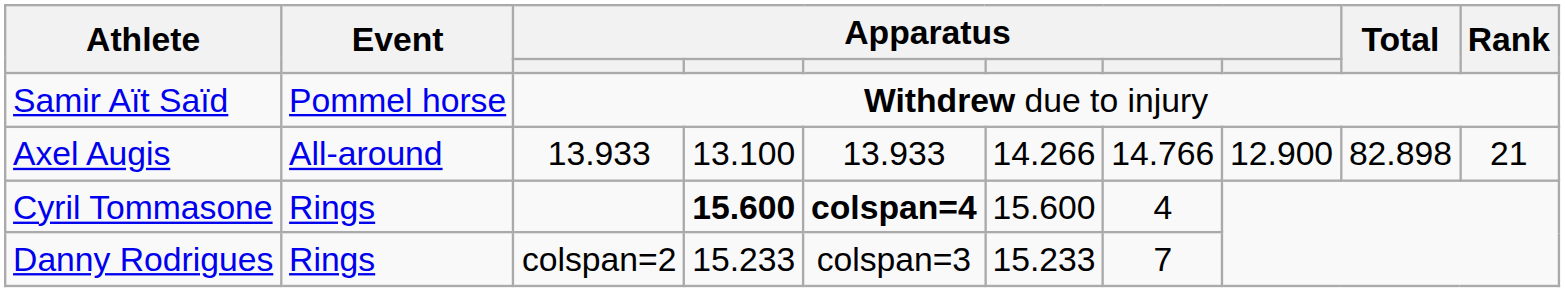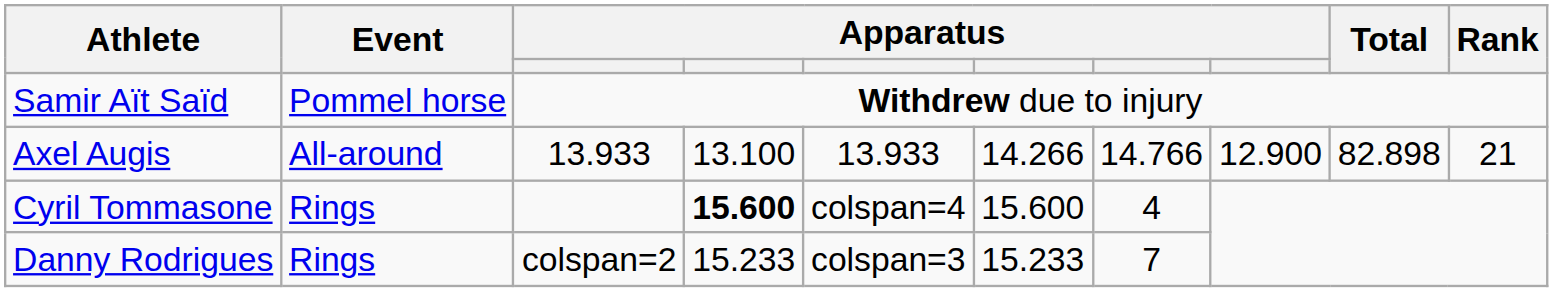 <table class="wikitable" style="font-size:90%">
 <tr>
 <th rowspan=2>Athlete</th>
 <th rowspan=2>Event</th>
 <th colspan =6>Apparatus</th>
 <th rowspan=2>Total</th>
 <th rowspan=2>Rank</th>
 </tr>
 <tr style="font-size:95%">
 <th></th>
 <th></th>
 <th></th>
 <th></th>
 <th></th>
 <th></th>
 </tr>
 <tr align=center>
 <td align=left><a href='#'>Samir Aït Saïd</a></td>
 <td align=left><a href='#'>Pommel horse</a></td>
 <td colspan=8><strong>Withdrew</strong> due to injury</td>
 </tr>
 <tr align=center>
 <td align=left><a href='#'>Axel Augis</a></td>
 <td align=left><a href='#'>All-around</a></td>
 <td>13.933</td>
 <td>13.100</td>
 <td>13.933</td>
 <td>14.266</td>
 <td>14.766</td>
 <td>12.900</td>
 <td>82.898</td>
 <td>21</td>
 </tr>
 <tr align=center>
 <td align=left><a href='#'>Cyril Tommasone</a></td>
 <td align=left><a href='#'>Rings</a></td>
 <td></td>
 <td><strong>15.600</strong></td>
-<td><strong>colspan=4 </strong></td>
+<td>colspan=4 </td>
 <td>15.600</td>
 <td>4</td>
 </tr>
 <tr align=center>
 <td align=left><a href='#'>Danny Rodrigues</a></td>
 <td align=left><a href='#'>Rings</a></td>
 <td>colspan=2 </td>
 <td>15.233</td>
 <td>colspan=3 </td>
 <td>15.233</td>
 <td>7</td>
 </tr>
 </table>
